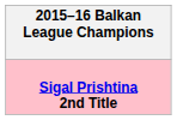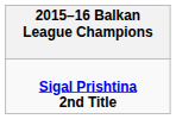 <table class="wikitable" style="margin: 0 auto; width: 30%;">
 <tr>
 <th>2015–16 Balkan League Champions<br><br></th>
 </tr>
 <tr>
-<td align=center style="background: pink;"><br><strong><a href='#'>Sigal Prishtina</a></strong><br><strong>2nd Title</strong></td>
+<td align=center><br><strong><a href='#'>Sigal Prishtina</a></strong><br><strong>2nd Title</strong></td>
 </tr>
 </table>
